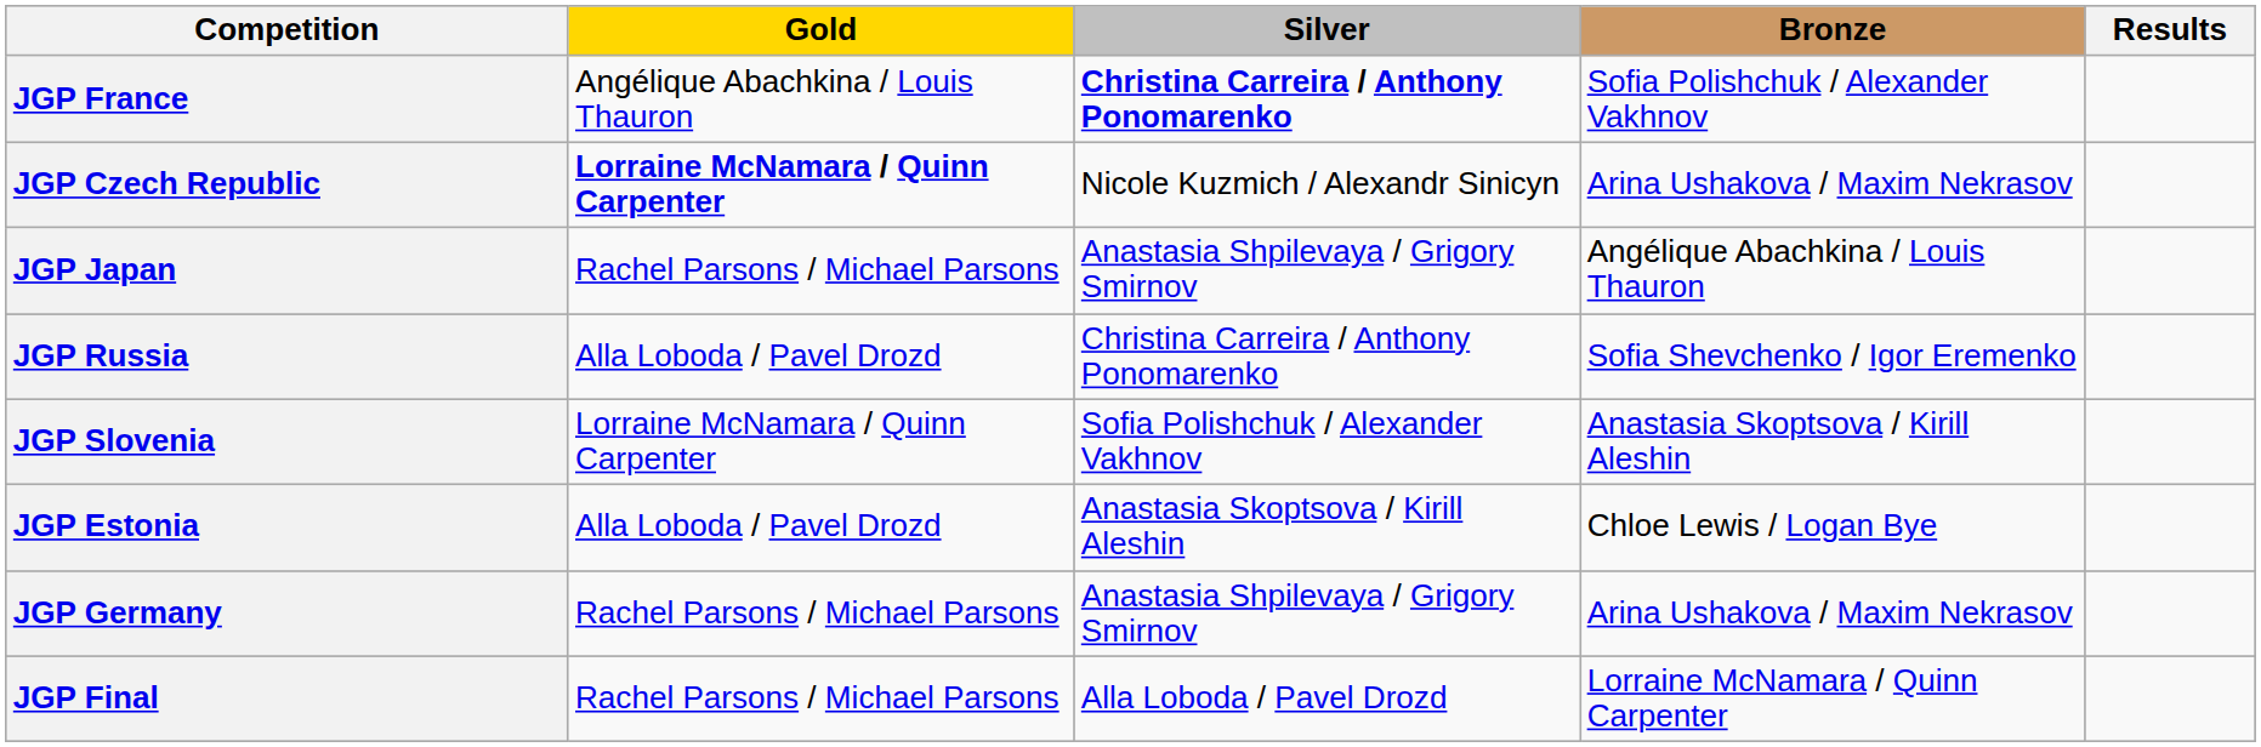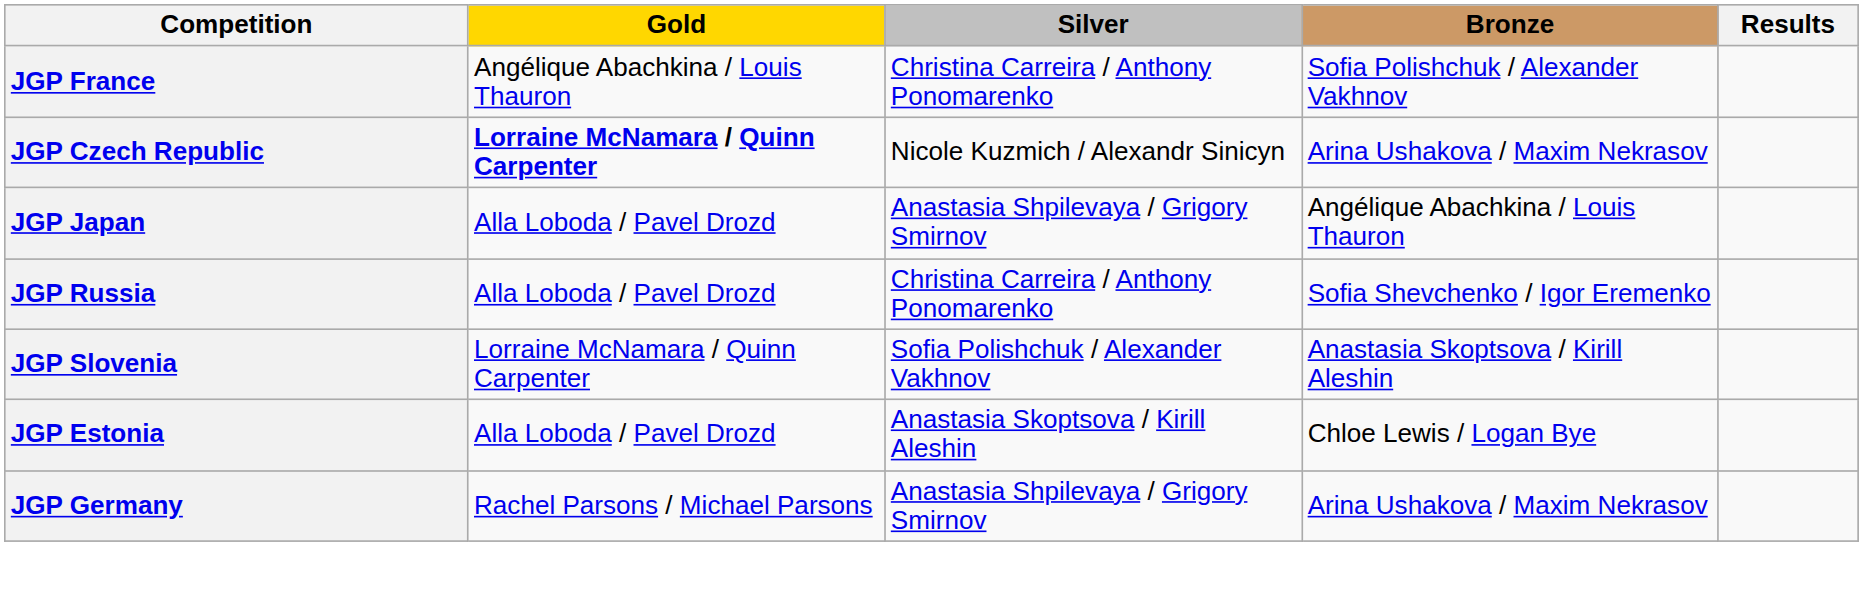 <table class="wikitable unsortable" style="text-align:left; width:90%">
 <tr>
 <th scope="col" style="text-align:center; width:25%;">Competition</th>
 <td scope="col" style="text-align:center; width:22.5%; background:gold"><strong>Gold</strong></td>
 <td scope="col" style="text-align:center; width:22.5%; background:silver"><strong>Silver</strong></td>
 <td scope="col" style="text-align:center; width:22.5%; background:#c96"><strong>Bronze</strong></td>
 <th scope="col" style="text-align:center; width:7.5%;">Results</th>
 </tr>
 <tr>
 <th scope="row" style="text-align:left"> <a href='#'>JGP France</a></th>
 <td> Angélique Abachkina / <a href='#'>Louis Thauron</a></td>
-<td><strong> <a href='#'>Christina Carreira</a> / <a href='#'>Anthony Ponomarenko</a></strong></td>
+<td> <a href='#'>Christina Carreira</a> / <a href='#'>Anthony Ponomarenko</a></td>
 <td> <a href='#'>Sofia Polishchuk</a> / <a href='#'>Alexander Vakhnov</a></td>
 <td></td>
 </tr>
 <tr>
 <th scope="row" style="text-align:left"> <a href='#'>JGP Czech Republic</a></th>
 <td><strong> <a href='#'>Lorraine McNamara</a> / <a href='#'>Quinn Carpenter</a></strong></td>
 <td> Nicole Kuzmich / Alexandr Sinicyn</td>
 <td> <a href='#'>Arina Ushakova</a> / <a href='#'>Maxim Nekrasov</a></td>
 <td></td>
 </tr>
 <tr>
 <th scope="row" style="text-align:left"> <a href='#'>JGP Japan</a></th>
-<td> <a href='#'>Rachel Parsons</a> / <a href='#'>Michael Parsons</a></td>
+<td> <a href='#'>Alla Loboda</a> / <a href='#'>Pavel Drozd</a></td>
 <td> <a href='#'>Anastasia Shpilevaya</a> / <a href='#'>Grigory Smirnov</a></td>
 <td> Angélique Abachkina / <a href='#'>Louis Thauron</a></td>
 <td></td>
 </tr>
 <tr>
 <th scope="row" style="text-align:left"> <a href='#'>JGP Russia</a></th>
 <td> <a href='#'>Alla Loboda</a> / <a href='#'>Pavel Drozd</a></td>
 <td> <a href='#'>Christina Carreira</a> / <a href='#'>Anthony Ponomarenko</a></td>
 <td> <a href='#'>Sofia Shevchenko</a> / <a href='#'>Igor Eremenko</a></td>
 <td></td>
 </tr>
 <tr>
 <th scope="row" style="text-align:left"> <a href='#'>JGP Slovenia</a></th>
 <td> <a href='#'>Lorraine McNamara</a> / <a href='#'>Quinn Carpenter</a></td>
 <td> <a href='#'>Sofia Polishchuk</a> / <a href='#'>Alexander Vakhnov</a></td>
 <td> <a href='#'>Anastasia Skoptsova</a> / <a href='#'>Kirill Aleshin</a></td>
 <td></td>
 </tr>
 <tr>
 <th scope="row" style="text-align:left"> <a href='#'>JGP Estonia</a></th>
 <td> <a href='#'>Alla Loboda</a> / <a href='#'>Pavel Drozd</a></td>
 <td> <a href='#'>Anastasia Skoptsova</a> / <a href='#'>Kirill Aleshin</a></td>
 <td> Chloe Lewis / <a href='#'>Logan Bye</a></td>
 <td></td>
 </tr>
 <tr>
 <th scope="row" style="text-align:left"> <a href='#'>JGP Germany</a></th>
 <td> <a href='#'>Rachel Parsons</a> / <a href='#'>Michael Parsons</a></td>
 <td> <a href='#'>Anastasia Shpilevaya</a> / <a href='#'>Grigory Smirnov</a></td>
 <td> <a href='#'>Arina Ushakova</a> / <a href='#'>Maxim Nekrasov</a></td>
 <td></td>
 </tr>
-<tr>
-<th scope="row" style="text-align:left"> <a href='#'>JGP Final</a></th>
-<td> <a href='#'>Rachel Parsons</a> / <a href='#'>Michael Parsons</a></td>
-<td> <a href='#'>Alla Loboda</a> / <a href='#'>Pavel Drozd</a></td>
-<td> <a href='#'>Lorraine McNamara</a> / <a href='#'>Quinn Carpenter</a></td>
-<td></td>
-</tr>
 </table>
